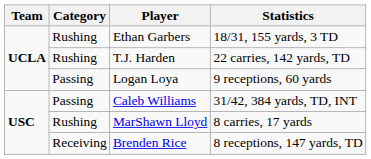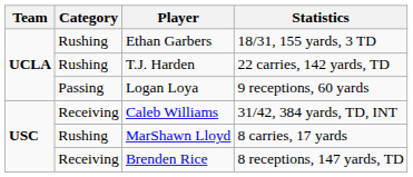 <table class="wikitable" style="float: right;">
 <tr>
 <th>Team</th>
 <th>Category</th>
 <th>Player</th>
 <th>Statistics</th>
 </tr>
 <tr>
 <td rowspan=3><strong>UCLA</strong></td>
 <td>Rushing</td>
 <td>Ethan Garbers</td>
 <td>18/31, 155 yards, 3 TD</td>
 </tr>
 <tr>
 <td>Rushing</td>
 <td>T.J. Harden</td>
 <td>22 carries, 142 yards, TD</td>
 </tr>
 <tr>
 <td>Passing</td>
 <td>Logan Loya</td>
 <td>9 receptions, 60 yards</td>
 </tr>
 <tr>
 <td rowspan=3><strong>USC</strong></td>
-<td>Passing</td>
+<td>Receiving</td>
 <td><a href='#'>Caleb Williams</a></td>
 <td>31/42, 384 yards, TD, INT</td>
 </tr>
 <tr>
 <td>Rushing</td>
 <td><a href='#'>MarShawn Lloyd</a></td>
 <td>8 carries, 17 yards</td>
 </tr>
 <tr>
 <td>Receiving</td>
 <td><a href='#'>Brenden Rice</a></td>
 <td>8 receptions, 147 yards, TD</td>
 </tr>
 </table>
